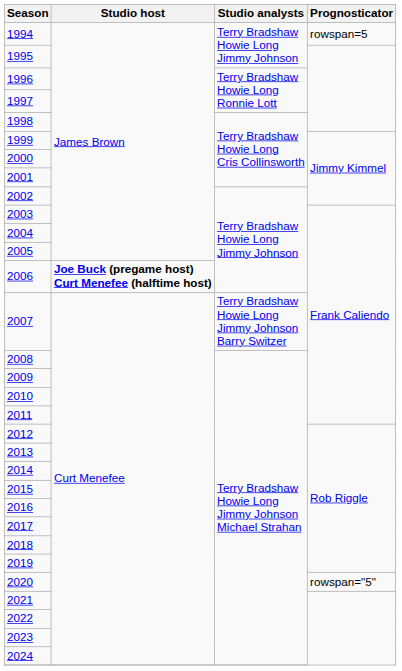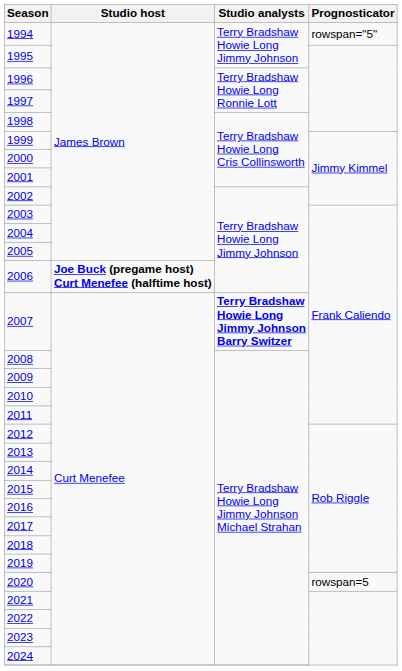 <table class="wikitable">
 <tr>
 <th>Season</th>
 <th>Studio host</th>
 <th>Studio analysts</th>
 <th>Prognosticator</th>
 </tr>
 <tr>
 <td><a href='#'>1994</a></td>
 <td rowspan=12><a href='#'>James Brown</a></td>
 <td rowspan=2><a href='#'>Terry Bradshaw</a> <br> <a href='#'>Howie Long</a> <br> <a href='#'>Jimmy Johnson</a></td>
-<td>rowspan=5 </td>
+<td>rowspan="5" </td>
 </tr>
 <tr>
 <td><a href='#'>1995</a></td>
 </tr>
 <tr>
 <td><a href='#'>1996</a></td>
 <td rowspan=2><a href='#'>Terry Bradshaw</a> <br> <a href='#'>Howie Long</a> <br><a href='#'>Ronnie Lott</a></td>
 </tr>
 <tr>
 <td><a href='#'>1997</a></td>
 </tr>
 <tr>
 <td><a href='#'>1998</a></td>
 <td rowspan=4><a href='#'>Terry Bradshaw</a> <br> <a href='#'>Howie Long</a> <br> <a href='#'>Cris Collinsworth</a></td>
 </tr>
 <tr>
 <td><a href='#'>1999</a></td>
 <td rowspan=4><a href='#'>Jimmy Kimmel</a></td>
 </tr>
 <tr>
 <td><a href='#'>2000</a></td>
 </tr>
 <tr>
 <td><a href='#'>2001</a></td>
 </tr>
 <tr>
 <td><a href='#'>2002</a></td>
 <td rowspan=5><a href='#'>Terry Bradshaw</a> <br> <a href='#'>Howie Long</a> <br> <a href='#'>Jimmy Johnson</a></td>
 </tr>
 <tr>
 <td><a href='#'>2003</a></td>
 <td rowspan=9><a href='#'>Frank Caliendo</a></td>
 </tr>
 <tr>
 <td><a href='#'>2004</a></td>
 </tr>
 <tr>
 <td><a href='#'>2005</a></td>
 </tr>
 <tr>
 <td><a href='#'>2006</a></td>
 <td><strong><a href='#'>Joe Buck</a> (pregame host)<br><a href='#'>Curt Menefee</a> (halftime host)</strong></td>
 </tr>
 <tr>
 <td><a href='#'>2007</a></td>
 <td rowspan=18><a href='#'>Curt Menefee</a></td>
-<td><a href='#'>Terry Bradshaw</a> <br> <a href='#'>Howie Long</a> <br> <a href='#'>Jimmy Johnson</a> <br> <a href='#'>Barry Switzer</a></td>
+<td><strong><a href='#'>Terry Bradshaw</a> <br> <a href='#'>Howie Long</a> <br> <a href='#'>Jimmy Johnson</a> <br> <a href='#'>Barry Switzer</a></strong></td>
 </tr>
 <tr>
 <td><a href='#'>2008</a></td>
 <td rowspan=17><a href='#'>Terry Bradshaw</a> <br> <a href='#'>Howie Long</a> <br> <a href='#'>Jimmy Johnson</a> <br> <a href='#'>Michael Strahan</a></td>
 </tr>
 <tr>
 <td><a href='#'>2009</a></td>
 </tr>
 <tr>
 <td><a href='#'>2010</a></td>
 </tr>
 <tr>
 <td><a href='#'>2011</a></td>
 </tr>
 <tr>
 <td><a href='#'>2012</a></td>
 <td rowspan=8><a href='#'>Rob Riggle</a></td>
 </tr>
 <tr>
 <td><a href='#'>2013</a></td>
 </tr>
 <tr>
 <td><a href='#'>2014</a></td>
 </tr>
 <tr>
 <td><a href='#'>2015</a></td>
 </tr>
 <tr>
 <td><a href='#'>2016</a></td>
 </tr>
 <tr>
 <td><a href='#'>2017</a></td>
 </tr>
 <tr>
 <td><a href='#'>2018</a></td>
 </tr>
 <tr>
 <td><a href='#'>2019</a></td>
 </tr>
 <tr>
 <td><a href='#'>2020</a></td>
-<td>rowspan="5" </td>
+<td>rowspan=5 </td>
 </tr>
 <tr>
 <td><a href='#'>2021</a></td>
 </tr>
 <tr>
 <td><a href='#'>2022</a></td>
 </tr>
 <tr>
 <td><a href='#'>2023</a></td>
 </tr>
 <tr>
 <td><a href='#'>2024</a></td>
 </tr>
 <tr>
 </tr>
 </table>
